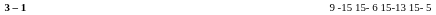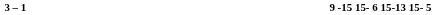 <table width=100% cellspacing=1>
 <tr>
 <th width=20%></th>
 <th width=12%></th>
 <th width=20%></th>
 <th width=33%></th>
 <td></td>
 </tr>
 <tr style=font-size:90%>
 <td align=right></td>
 <td align=center><strong>3 – 1</strong></td>
 <td><strong></strong></td>
-<td>9 -15 15- 6 15-13 15- 5</td>
+<td><strong>9 -15 15- 6 15-13 15- 5</strong></td>
 </tr>
 </table>
